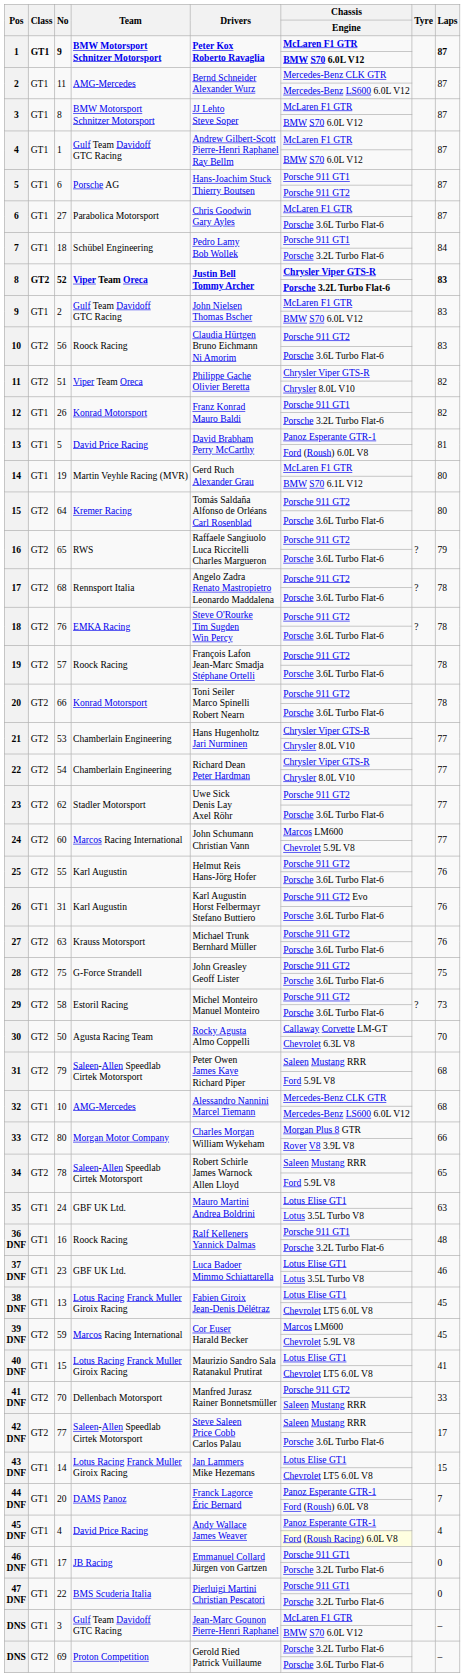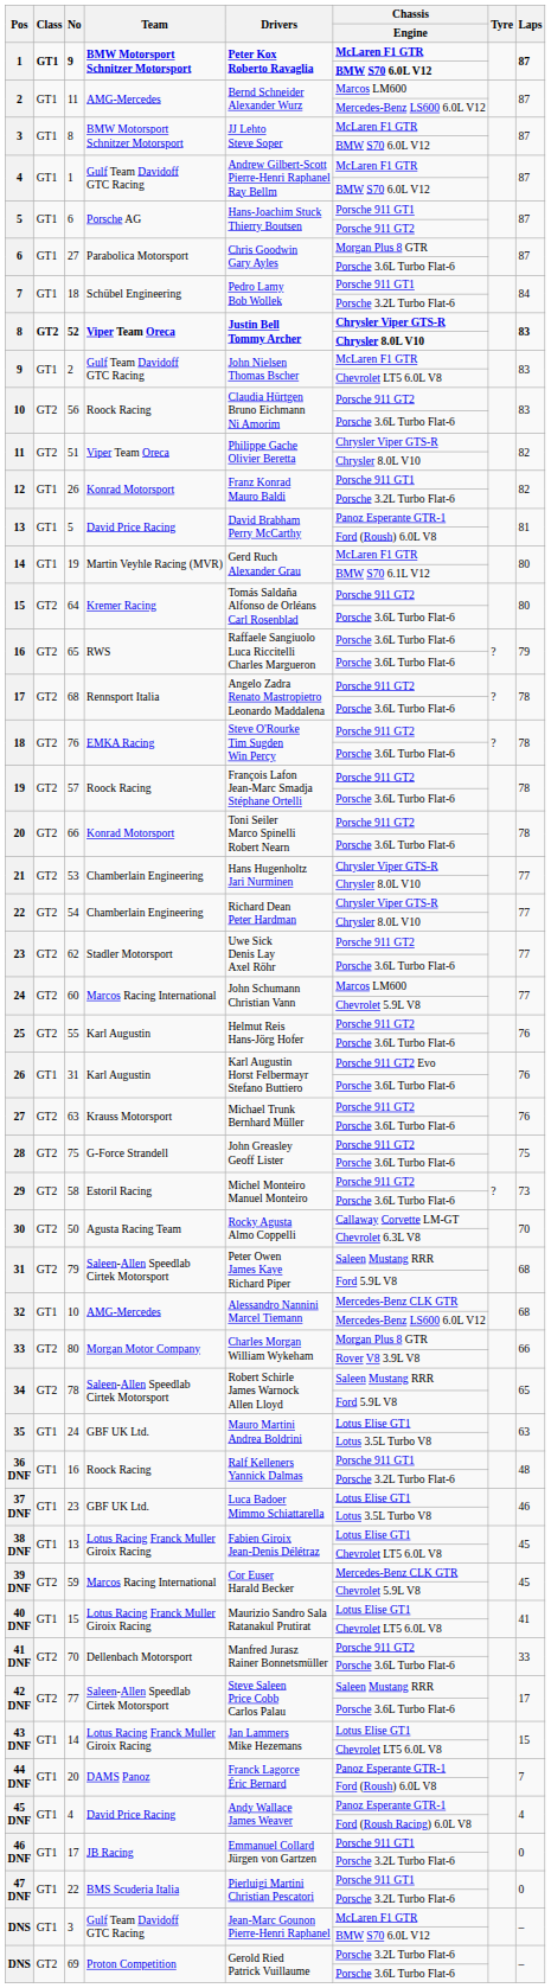 <table class="wikitable" style="font-size: 95%;">
 <tr>
 <th rowspan=2>Pos</th>
 <th rowspan=2>Class</th>
 <th rowspan=2>No</th>
 <th rowspan=2>Team</th>
 <th rowspan=2>Drivers</th>
 <th>Chassis</th>
 <th rowspan=2>Tyre</th>
 <th rowspan=2>Laps</th>
 </tr>
 <tr>
 <th>Engine</th>
 </tr>
 <tr style="font-weight:bold">
 <th rowspan=2>1</th>
 <td rowspan=2>GT1</td>
 <td rowspan=2>9</td>
 <td rowspan=2> <a href='#'>BMW Motorsport</a><br> <a href='#'>Schnitzer Motorsport</a></td>
 <td rowspan=2> <a href='#'>Peter Kox</a><br> <a href='#'>Roberto Ravaglia</a></td>
 <td><a href='#'>McLaren F1 GTR</a></td>
 <td rowspan=2></td>
 <td rowspan=2>87</td>
 </tr>
 <tr style="font-weight:bold">
 <td><a href='#'>BMW</a> <a href='#'>S70</a> 6.0L V12</td>
 </tr>
 <tr>
 <th rowspan=2>2</th>
 <td rowspan=2>GT1</td>
 <td rowspan=2>11</td>
 <td rowspan=2> <a href='#'>AMG-Mercedes</a></td>
 <td rowspan=2> <a href='#'>Bernd Schneider</a><br> <a href='#'>Alexander Wurz</a></td>
-<td><a href='#'>Mercedes-Benz CLK GTR</a></td>
+<td><a href='#'>Marcos</a> LM600</td>
 <td rowspan=2></td>
 <td rowspan=2>87</td>
 </tr>
 <tr>
 <td><a href='#'>Mercedes-Benz</a> <a href='#'>LS600</a> 6.0L V12</td>
 </tr>
 <tr>
 <th rowspan=2>3</th>
 <td rowspan=2>GT1</td>
 <td rowspan=2>8</td>
 <td rowspan=2> <a href='#'>BMW Motorsport</a><br> <a href='#'>Schnitzer Motorsport</a></td>
 <td rowspan=2> <a href='#'>JJ Lehto</a><br> <a href='#'>Steve Soper</a></td>
 <td><a href='#'>McLaren F1 GTR</a></td>
 <td rowspan=2></td>
 <td rowspan=2>87</td>
 </tr>
 <tr>
 <td><a href='#'>BMW</a> <a href='#'>S70</a> 6.0L V12</td>
 </tr>
 <tr>
 <th rowspan=2>4</th>
 <td rowspan=2>GT1</td>
 <td rowspan=2>1</td>
 <td rowspan=2> <a href='#'>Gulf</a> Team <a href='#'>Davidoff</a><br> GTC Racing</td>
 <td rowspan=2> <a href='#'>Andrew Gilbert-Scott</a><br> <a href='#'>Pierre-Henri Raphanel</a><br> <a href='#'>Ray Bellm</a></td>
 <td><a href='#'>McLaren F1 GTR</a></td>
 <td rowspan=2></td>
 <td rowspan=2>87</td>
 </tr>
 <tr>
 <td><a href='#'>BMW</a> <a href='#'>S70</a> 6.0L V12</td>
 </tr>
 <tr>
 <th rowspan=2>5</th>
 <td rowspan=2>GT1</td>
 <td rowspan=2>6</td>
 <td rowspan=2> <a href='#'>Porsche</a> AG</td>
 <td rowspan=2> <a href='#'>Hans-Joachim Stuck</a><br> <a href='#'>Thierry Boutsen</a></td>
 <td><a href='#'>Porsche 911 GT1</a></td>
 <td rowspan=2></td>
 <td rowspan=2>87</td>
 </tr>
 <tr>
 <td><a href='#'>Porsche 911 GT2</a></td>
 </tr>
 <tr>
 <th rowspan=2>6</th>
 <td rowspan=2>GT1</td>
 <td rowspan=2>27</td>
 <td rowspan=2> Parabolica Motorsport</td>
 <td rowspan=2> <a href='#'>Chris Goodwin</a><br> <a href='#'>Gary Ayles</a></td>
-<td><a href='#'>McLaren F1 GTR</a></td>
+<td><a href='#'>Morgan Plus 8</a> GTR</td>
 <td rowspan=2></td>
 <td rowspan=2>87</td>
 </tr>
 <tr>
 <td><a href='#'>Porsche</a> 3.6L Turbo Flat-6</td>
 </tr>
 <tr>
 <th rowspan=2>7</th>
 <td rowspan=2>GT1</td>
 <td rowspan=2>18</td>
 <td rowspan=2> Schübel Engineering</td>
 <td rowspan=2> <a href='#'>Pedro Lamy</a><br> <a href='#'>Bob Wollek</a></td>
 <td><a href='#'>Porsche 911 GT1</a></td>
 <td rowspan=2></td>
 <td rowspan=2>84</td>
 </tr>
 <tr>
 <td><a href='#'>Porsche</a> 3.2L Turbo Flat-6</td>
 </tr>
 <tr style="font-weight:bold">
 <th rowspan=2>8</th>
 <td rowspan=2>GT2</td>
 <td rowspan=2>52</td>
 <td rowspan=2> <a href='#'>Viper</a> Team <a href='#'>Oreca</a></td>
 <td rowspan=2> <a href='#'>Justin Bell</a><br> <a href='#'>Tommy Archer</a></td>
 <td><a href='#'>Chrysler Viper GTS-R</a></td>
 <td rowspan=2></td>
 <td rowspan=2>83</td>
 </tr>
 <tr style="font-weight:bold">
-<td><a href='#'>Porsche</a> 3.2L Turbo Flat-6</td>
+<td><a href='#'>Chrysler</a> 8.0L V10</td>
 </tr>
 <tr>
 <th rowspan=2>9</th>
 <td rowspan=2>GT1</td>
 <td rowspan=2>2</td>
 <td rowspan=2> <a href='#'>Gulf</a> Team <a href='#'>Davidoff</a><br> GTC Racing</td>
 <td rowspan=2> <a href='#'>John Nielsen</a><br> <a href='#'>Thomas Bscher</a></td>
 <td><a href='#'>McLaren F1 GTR</a></td>
 <td rowspan=2></td>
 <td rowspan=2>83</td>
 </tr>
 <tr>
-<td><a href='#'>BMW</a> <a href='#'>S70</a> 6.0L V12</td>
+<td><a href='#'>Chevrolet</a> LT5 6.0L V8</td>
 </tr>
 <tr>
 <th rowspan=2>10</th>
 <td rowspan=2>GT2</td>
 <td rowspan=2>56</td>
 <td rowspan=2> Roock Racing</td>
 <td rowspan=2> <a href='#'>Claudia Hürtgen</a><br> Bruno Eichmann<br> <a href='#'>Ni Amorim</a></td>
 <td><a href='#'>Porsche 911 GT2</a></td>
 <td rowspan=2></td>
 <td rowspan=2>83</td>
 </tr>
 <tr>
 <td><a href='#'>Porsche</a> 3.6L Turbo Flat-6</td>
 </tr>
 <tr>
 <th rowspan=2>11</th>
 <td rowspan=2>GT2</td>
 <td rowspan=2>51</td>
 <td rowspan=2> <a href='#'>Viper</a> Team <a href='#'>Oreca</a></td>
 <td rowspan=2> <a href='#'>Philippe Gache</a><br> <a href='#'>Olivier Beretta</a></td>
 <td><a href='#'>Chrysler Viper GTS-R</a></td>
 <td rowspan=2></td>
 <td rowspan=2>82</td>
 </tr>
 <tr>
 <td><a href='#'>Chrysler</a> 8.0L V10</td>
 </tr>
 <tr>
 <th rowspan=2>12</th>
 <td rowspan=2>GT1</td>
 <td rowspan=2>26</td>
 <td rowspan=2> <a href='#'>Konrad Motorsport</a></td>
 <td rowspan=2> <a href='#'>Franz Konrad</a><br> <a href='#'>Mauro Baldi</a></td>
 <td><a href='#'>Porsche 911 GT1</a></td>
 <td rowspan=2></td>
 <td rowspan=2>82</td>
 </tr>
 <tr>
 <td><a href='#'>Porsche</a> 3.2L Turbo Flat-6</td>
 </tr>
 <tr>
 <th rowspan=2>13</th>
 <td rowspan=2>GT1</td>
 <td rowspan=2>5</td>
 <td rowspan=2> <a href='#'>David Price Racing</a></td>
 <td rowspan=2> <a href='#'>David Brabham</a><br> <a href='#'>Perry McCarthy</a></td>
 <td><a href='#'>Panoz Esperante GTR-1</a></td>
 <td rowspan=2></td>
 <td rowspan=2>81</td>
 </tr>
 <tr>
 <td><a href='#'>Ford</a> (<a href='#'>Roush</a>) 6.0L V8</td>
 </tr>
 <tr>
 <th rowspan=2>14</th>
 <td rowspan=2>GT1</td>
 <td rowspan=2>19</td>
 <td rowspan=2> Martin Veyhle Racing (MVR)</td>
 <td rowspan=2> Gerd Ruch<br> <a href='#'>Alexander Grau</a></td>
 <td><a href='#'>McLaren F1 GTR</a></td>
 <td rowspan=2></td>
 <td rowspan=2>80</td>
 </tr>
 <tr>
 <td><a href='#'>BMW</a> <a href='#'>S70</a> 6.1L V12</td>
 </tr>
 <tr>
 <th rowspan=2>15</th>
 <td rowspan=2>GT2</td>
 <td rowspan=2>64</td>
 <td rowspan=2> <a href='#'>Kremer Racing</a></td>
 <td rowspan=2> Tomás Saldaña<br> Alfonso de Orléans<br> <a href='#'>Carl Rosenblad</a></td>
 <td><a href='#'>Porsche 911 GT2</a></td>
 <td rowspan=2></td>
 <td rowspan=2>80</td>
 </tr>
 <tr>
 <td><a href='#'>Porsche</a> 3.6L Turbo Flat-6</td>
 </tr>
 <tr>
 <th rowspan=2>16</th>
 <td rowspan=2>GT2</td>
 <td rowspan=2>65</td>
 <td rowspan=2> RWS</td>
 <td rowspan=2> Raffaele Sangiuolo<br> Luca Riccitelli<br> Charles Margueron</td>
-<td><a href='#'>Porsche 911 GT2</a></td>
+<td><a href='#'>Porsche</a> 3.6L Turbo Flat-6</td>
 <td rowspan=2>?</td>
 <td rowspan=2>79</td>
 </tr>
 <tr>
 <td><a href='#'>Porsche</a> 3.6L Turbo Flat-6</td>
 </tr>
 <tr>
 <th rowspan=2>17</th>
 <td rowspan=2>GT2</td>
 <td rowspan=2>68</td>
 <td rowspan=2> Rennsport Italia</td>
 <td rowspan=2> Angelo Zadra<br> <a href='#'>Renato Mastropietro</a><br> Leonardo Maddalena</td>
 <td><a href='#'>Porsche 911 GT2</a></td>
 <td rowspan=2>?</td>
 <td rowspan=2>78</td>
 </tr>
 <tr>
 <td><a href='#'>Porsche</a> 3.6L Turbo Flat-6</td>
 </tr>
 <tr>
 <th rowspan=2>18</th>
 <td rowspan=2>GT2</td>
 <td rowspan=2>76</td>
 <td rowspan=2> <a href='#'>EMKA Racing</a></td>
 <td rowspan=2> <a href='#'>Steve O'Rourke</a><br> <a href='#'>Tim Sugden</a><br> <a href='#'>Win Percy</a></td>
 <td><a href='#'>Porsche 911 GT2</a></td>
 <td rowspan=2>?</td>
 <td rowspan=2>78</td>
 </tr>
 <tr>
 <td><a href='#'>Porsche</a> 3.6L Turbo Flat-6</td>
 </tr>
 <tr>
 <th rowspan=2>19</th>
 <td rowspan=2>GT2</td>
 <td rowspan=2>57</td>
 <td rowspan=2> Roock Racing</td>
 <td rowspan=2> François Lafon<br> Jean-Marc Smadja<br> <a href='#'>Stéphane Ortelli</a></td>
 <td><a href='#'>Porsche 911 GT2</a></td>
 <td rowspan=2></td>
 <td rowspan=2>78</td>
 </tr>
 <tr>
 <td><a href='#'>Porsche</a> 3.6L Turbo Flat-6</td>
 </tr>
 <tr>
 <th rowspan=2>20</th>
 <td rowspan=2>GT2</td>
 <td rowspan=2>66</td>
 <td rowspan=2> <a href='#'>Konrad Motorsport</a></td>
 <td rowspan=2> Toni Seiler<br> Marco Spinelli<br> Robert Nearn</td>
 <td><a href='#'>Porsche 911 GT2</a></td>
 <td rowspan=2></td>
 <td rowspan=2>78</td>
 </tr>
 <tr>
 <td><a href='#'>Porsche</a> 3.6L Turbo Flat-6</td>
 </tr>
 <tr>
 <th rowspan=2>21</th>
 <td rowspan=2>GT2</td>
 <td rowspan=2>53</td>
 <td rowspan=2> Chamberlain Engineering</td>
 <td rowspan=2> Hans Hugenholtz<br> <a href='#'>Jari Nurminen</a></td>
 <td><a href='#'>Chrysler Viper GTS-R</a></td>
 <td rowspan=2></td>
 <td rowspan=2>77</td>
 </tr>
 <tr>
 <td><a href='#'>Chrysler</a> 8.0L V10</td>
 </tr>
 <tr>
 <th rowspan=2>22</th>
 <td rowspan=2>GT2</td>
 <td rowspan=2>54</td>
 <td rowspan=2> Chamberlain Engineering</td>
 <td rowspan=2> Richard Dean<br> <a href='#'>Peter Hardman</a></td>
 <td><a href='#'>Chrysler Viper GTS-R</a></td>
 <td rowspan=2></td>
 <td rowspan=2>77</td>
 </tr>
 <tr>
 <td><a href='#'>Chrysler</a> 8.0L V10</td>
 </tr>
 <tr>
 <th rowspan=2>23</th>
 <td rowspan=2>GT2</td>
 <td rowspan=2>62</td>
 <td rowspan=2> Stadler Motorsport</td>
 <td rowspan=2> Uwe Sick<br> Denis Lay<br> Axel Röhr</td>
 <td><a href='#'>Porsche 911 GT2</a></td>
 <td rowspan=2></td>
 <td rowspan=2>77</td>
 </tr>
 <tr>
 <td><a href='#'>Porsche</a> 3.6L Turbo Flat-6</td>
 </tr>
 <tr>
 <th rowspan=2>24</th>
 <td rowspan=2>GT2</td>
 <td rowspan=2>60</td>
 <td rowspan=2> <a href='#'>Marcos</a> Racing International</td>
 <td rowspan=2> John Schumann<br> Christian Vann</td>
 <td><a href='#'>Marcos</a> LM600</td>
 <td rowspan=2></td>
 <td rowspan=2>77</td>
 </tr>
 <tr>
 <td><a href='#'>Chevrolet</a> 5.9L V8</td>
 </tr>
 <tr>
 <th rowspan=2>25</th>
 <td rowspan=2>GT2</td>
 <td rowspan=2>55</td>
 <td rowspan=2> Karl Augustin</td>
 <td rowspan=2> Helmut Reis<br> Hans-Jörg Hofer</td>
 <td><a href='#'>Porsche 911 GT2</a></td>
 <td rowspan=2></td>
 <td rowspan=2>76</td>
 </tr>
 <tr>
 <td><a href='#'>Porsche</a> 3.6L Turbo Flat-6</td>
 </tr>
 <tr>
 <th rowspan=2>26</th>
 <td rowspan=2>GT1</td>
 <td rowspan=2>31</td>
 <td rowspan=2> Karl Augustin</td>
 <td rowspan=2> Karl Augustin<br> Horst Felbermayr<br> Stefano Buttiero</td>
 <td><a href='#'>Porsche 911 GT2</a> Evo</td>
 <td rowspan=2></td>
 <td rowspan=2>76</td>
 </tr>
 <tr>
 <td><a href='#'>Porsche</a> 3.6L Turbo Flat-6</td>
 </tr>
 <tr>
 <th rowspan=2>27</th>
 <td rowspan=2>GT2</td>
 <td rowspan=2>63</td>
 <td rowspan=2> Krauss Motorsport</td>
 <td rowspan=2> Michael Trunk<br> Bernhard Müller</td>
 <td><a href='#'>Porsche 911 GT2</a></td>
 <td rowspan=2></td>
 <td rowspan=2>76</td>
 </tr>
 <tr>
 <td><a href='#'>Porsche</a> 3.6L Turbo Flat-6</td>
 </tr>
 <tr>
 <th rowspan=2>28</th>
 <td rowspan=2>GT2</td>
 <td rowspan=2>75</td>
 <td rowspan=2> G-Force Strandell</td>
 <td rowspan=2> John Greasley<br> Geoff Lister</td>
 <td><a href='#'>Porsche 911 GT2</a></td>
 <td rowspan=2></td>
 <td rowspan=2>75</td>
 </tr>
 <tr>
 <td><a href='#'>Porsche</a> 3.6L Turbo Flat-6</td>
 </tr>
 <tr>
 <th rowspan=2>29</th>
 <td rowspan=2>GT2</td>
 <td rowspan=2>58</td>
 <td rowspan=2> Estoril Racing</td>
 <td rowspan=2> Michel Monteiro<br> Manuel Monteiro</td>
 <td><a href='#'>Porsche 911 GT2</a></td>
 <td rowspan=2>?</td>
 <td rowspan=2>73</td>
 </tr>
 <tr>
 <td><a href='#'>Porsche</a> 3.6L Turbo Flat-6</td>
 </tr>
 <tr>
 <th rowspan=2>30</th>
 <td rowspan=2>GT2</td>
 <td rowspan=2>50</td>
 <td rowspan=2> Agusta Racing Team</td>
 <td rowspan=2> <a href='#'>Rocky Agusta</a><br> Almo Coppelli</td>
 <td><a href='#'>Callaway</a> <a href='#'>Corvette</a> LM-GT</td>
 <td rowspan=2></td>
 <td rowspan=2>70</td>
 </tr>
 <tr>
 <td><a href='#'>Chevrolet</a> 6.3L V8</td>
 </tr>
 <tr>
 <th rowspan=2>31</th>
 <td rowspan=2>GT2</td>
 <td rowspan=2>79</td>
 <td rowspan=2> <a href='#'>Saleen</a>-<a href='#'>Allen</a> Speedlab<br> Cirtek Motorsport</td>
 <td rowspan=2> Peter Owen<br> <a href='#'>James Kaye</a><br> Richard Piper</td>
 <td><a href='#'>Saleen</a> <a href='#'>Mustang</a> RRR</td>
 <td rowspan=2></td>
 <td rowspan=2>68</td>
 </tr>
 <tr>
 <td><a href='#'>Ford</a> 5.9L V8</td>
 </tr>
 <tr>
 <th rowspan=2>32</th>
 <td rowspan=2>GT1</td>
 <td rowspan=2>10</td>
 <td rowspan=2> <a href='#'>AMG-Mercedes</a></td>
 <td rowspan=2> <a href='#'>Alessandro Nannini</a><br> <a href='#'>Marcel Tiemann</a></td>
 <td><a href='#'>Mercedes-Benz CLK GTR</a></td>
 <td rowspan=2></td>
 <td rowspan=2>68</td>
 </tr>
 <tr>
 <td><a href='#'>Mercedes-Benz</a> <a href='#'>LS600</a> 6.0L V12</td>
 </tr>
 <tr>
 <th rowspan=2>33</th>
 <td rowspan=2>GT2</td>
 <td rowspan=2>80</td>
 <td rowspan=2> <a href='#'>Morgan Motor Company</a></td>
 <td rowspan=2> <a href='#'>Charles Morgan</a><br> William Wykeham</td>
 <td><a href='#'>Morgan Plus 8</a> GTR</td>
 <td rowspan=2></td>
 <td rowspan=2>66</td>
 </tr>
 <tr>
 <td><a href='#'>Rover</a> <a href='#'>V8</a> 3.9L V8</td>
 </tr>
 <tr>
 <th rowspan=2>34</th>
 <td rowspan=2>GT2</td>
 <td rowspan=2>78</td>
 <td rowspan=2> <a href='#'>Saleen</a>-<a href='#'>Allen</a> Speedlab<br> Cirtek Motorsport</td>
 <td rowspan=2> Robert Schirle<br> James Warnock<br> Allen Lloyd</td>
 <td><a href='#'>Saleen</a> <a href='#'>Mustang</a> RRR</td>
 <td rowspan=2></td>
 <td rowspan=2>65</td>
 </tr>
 <tr>
 <td><a href='#'>Ford</a> 5.9L V8</td>
 </tr>
 <tr>
 <th rowspan=2>35</th>
 <td rowspan=2>GT1</td>
 <td rowspan=2>24</td>
 <td rowspan=2> GBF UK Ltd.</td>
 <td rowspan=2> <a href='#'>Mauro Martini</a><br> <a href='#'>Andrea Boldrini</a></td>
 <td><a href='#'>Lotus Elise GT1</a></td>
 <td rowspan=2></td>
 <td rowspan=2>63</td>
 </tr>
 <tr>
 <td><a href='#'>Lotus</a> 3.5L Turbo V8</td>
 </tr>
 <tr>
 <th rowspan=2>36<br>DNF</th>
 <td rowspan=2>GT1</td>
 <td rowspan=2>16</td>
 <td rowspan=2> Roock Racing</td>
 <td rowspan=2> <a href='#'>Ralf Kelleners</a><br> <a href='#'>Yannick Dalmas</a></td>
 <td><a href='#'>Porsche 911 GT1</a></td>
 <td rowspan=2></td>
 <td rowspan=2>48</td>
 </tr>
 <tr>
 <td><a href='#'>Porsche</a> 3.2L Turbo Flat-6</td>
 </tr>
 <tr>
 <th rowspan=2>37<br>DNF</th>
 <td rowspan=2>GT1</td>
 <td rowspan=2>23</td>
 <td rowspan=2> GBF UK Ltd.</td>
 <td rowspan=2> <a href='#'>Luca Badoer</a><br> <a href='#'>Mimmo Schiattarella</a></td>
 <td><a href='#'>Lotus Elise GT1</a></td>
 <td rowspan=2></td>
 <td rowspan=2>46</td>
 </tr>
 <tr>
 <td><a href='#'>Lotus</a> 3.5L Turbo V8</td>
 </tr>
 <tr>
 <th rowspan=2>38<br>DNF</th>
 <td rowspan=2>GT1</td>
 <td rowspan=2>13</td>
 <td rowspan=2> <a href='#'>Lotus Racing</a> <a href='#'>Franck Muller</a><br> Giroix Racing</td>
 <td rowspan=2> <a href='#'>Fabien Giroix</a><br> <a href='#'>Jean-Denis Délétraz</a></td>
 <td><a href='#'>Lotus Elise GT1</a></td>
 <td rowspan=2></td>
 <td rowspan=2>45</td>
 </tr>
 <tr>
 <td><a href='#'>Chevrolet</a> LT5 6.0L V8</td>
 </tr>
 <tr>
 <th rowspan=2>39<br>DNF</th>
 <td rowspan=2>GT2</td>
 <td rowspan=2>59</td>
 <td rowspan=2> <a href='#'>Marcos</a> Racing International</td>
 <td rowspan=2> <a href='#'>Cor Euser</a><br> Harald Becker</td>
-<td><a href='#'>Marcos</a> LM600</td>
+<td><a href='#'>Mercedes-Benz CLK GTR</a></td>
 <td rowspan=2></td>
 <td rowspan=2>45</td>
 </tr>
 <tr>
 <td><a href='#'>Chevrolet</a> 5.9L V8</td>
 </tr>
 <tr>
 <th rowspan=2>40<br>DNF</th>
 <td rowspan=2>GT1</td>
 <td rowspan=2>15</td>
 <td rowspan=2> <a href='#'>Lotus Racing</a> <a href='#'>Franck Muller</a><br> Giroix Racing</td>
 <td rowspan=2> Maurizio Sandro Sala<br> Ratanakul Prutirat</td>
 <td><a href='#'>Lotus Elise GT1</a></td>
 <td rowspan=2></td>
 <td rowspan=2>41</td>
 </tr>
 <tr>
 <td><a href='#'>Chevrolet</a> LT5 6.0L V8</td>
 </tr>
 <tr>
 <th rowspan=2>41<br>DNF</th>
 <td rowspan=2>GT2</td>
 <td rowspan=2>70</td>
 <td rowspan=2> Dellenbach Motorsport</td>
 <td rowspan=2> Manfred Jurasz<br> Rainer Bonnetsmüller</td>
 <td><a href='#'>Porsche 911 GT2</a></td>
 <td rowspan=2></td>
 <td rowspan=2>33</td>
 </tr>
 <tr>
-<td><a href='#'>Saleen</a> <a href='#'>Mustang</a> RRR</td>
+<td><a href='#'>Porsche</a> 3.6L Turbo Flat-6</td>
 </tr>
 <tr>
 <th rowspan=2>42<br>DNF</th>
 <td rowspan=2>GT2</td>
 <td rowspan=2>77</td>
 <td rowspan=2> <a href='#'>Saleen</a>-<a href='#'>Allen</a> Speedlab<br> Cirtek Motorsport</td>
 <td rowspan=2> <a href='#'>Steve Saleen</a><br> <a href='#'>Price Cobb</a><br> Carlos Palau</td>
 <td><a href='#'>Saleen</a> <a href='#'>Mustang</a> RRR</td>
 <td rowspan=2></td>
 <td rowspan=2>17</td>
 </tr>
 <tr>
 <td><a href='#'>Porsche</a> 3.6L Turbo Flat-6</td>
 </tr>
 <tr>
 <th rowspan=2>43<br>DNF</th>
 <td rowspan=2>GT1</td>
 <td rowspan=2>14</td>
 <td rowspan=2> <a href='#'>Lotus Racing</a> <a href='#'>Franck Muller</a><br> Giroix Racing</td>
 <td rowspan=2> <a href='#'>Jan Lammers</a><br> Mike Hezemans</td>
 <td><a href='#'>Lotus Elise GT1</a></td>
 <td rowspan=2></td>
 <td rowspan=2>15</td>
 </tr>
 <tr>
 <td><a href='#'>Chevrolet</a> LT5 6.0L V8</td>
 </tr>
 <tr>
 <th rowspan=2>44<br>DNF</th>
 <td rowspan=2>GT1</td>
 <td rowspan=2>20</td>
 <td rowspan=2> <a href='#'>DAMS</a> <a href='#'>Panoz</a></td>
 <td rowspan=2> <a href='#'>Franck Lagorce</a><br> <a href='#'>Éric Bernard</a></td>
 <td><a href='#'>Panoz Esperante GTR-1</a></td>
 <td rowspan=2></td>
 <td rowspan=2>7</td>
 </tr>
 <tr>
 <td><a href='#'>Ford</a> (<a href='#'>Roush</a>) 6.0L V8</td>
 </tr>
 <tr>
 <th rowspan=2>45<br>DNF</th>
 <td rowspan=2>GT1</td>
 <td rowspan=2>4</td>
 <td rowspan=2> <a href='#'>David Price Racing</a></td>
 <td rowspan=2> <a href='#'>Andy Wallace</a><br> <a href='#'>James Weaver</a></td>
 <td><a href='#'>Panoz Esperante GTR-1</a></td>
 <td rowspan=2></td>
 <td rowspan=2>4</td>
 </tr>
 <tr>
-<td style="background: lightyellow;"><a href='#'>Ford</a> (<a href='#'>Roush Racing</a>) 6.0L V8</td>
+<td><a href='#'>Ford</a> (<a href='#'>Roush Racing</a>) 6.0L V8</td>
 </tr>
 <tr>
 <th rowspan=2>46<br>DNF</th>
 <td rowspan=2>GT1</td>
 <td rowspan=2>17</td>
 <td rowspan=2> <a href='#'>JB Racing</a></td>
 <td rowspan=2> <a href='#'>Emmanuel Collard</a><br> Jürgen von Gartzen</td>
 <td><a href='#'>Porsche 911 GT1</a></td>
 <td rowspan=2></td>
 <td rowspan=2>0</td>
 </tr>
 <tr>
 <td><a href='#'>Porsche</a> 3.2L Turbo Flat-6</td>
 </tr>
 <tr>
 <th rowspan=2>47<br>DNF</th>
 <td rowspan=2>GT1</td>
 <td rowspan=2>22</td>
 <td rowspan=2> <a href='#'>BMS Scuderia Italia</a></td>
 <td rowspan=2> <a href='#'>Pierluigi Martini</a><br> <a href='#'>Christian Pescatori</a></td>
 <td><a href='#'>Porsche 911 GT1</a></td>
 <td rowspan=2></td>
 <td rowspan=2>0</td>
 </tr>
 <tr>
 <td><a href='#'>Porsche</a> 3.2L Turbo Flat-6</td>
 </tr>
 <tr>
 <th rowspan=2>DNS</th>
 <td rowspan=2>GT1</td>
 <td rowspan=2>3</td>
 <td rowspan=2> <a href='#'>Gulf</a> Team <a href='#'>Davidoff</a><br> GTC Racing</td>
 <td rowspan=2> <a href='#'>Jean-Marc Gounon</a><br> <a href='#'>Pierre-Henri Raphanel</a></td>
 <td><a href='#'>McLaren F1 GTR</a></td>
 <td rowspan=2></td>
 <td rowspan=2>–</td>
 </tr>
 <tr>
 <td><a href='#'>BMW</a> <a href='#'>S70</a> 6.0L V12</td>
 </tr>
 <tr>
 <th rowspan=2>DNS</th>
 <td rowspan=2>GT2</td>
 <td rowspan=2>69</td>
 <td rowspan=2> <a href='#'>Proton Competition</a></td>
 <td rowspan=2> Gerold Ried<br> Patrick Vuillaume</td>
 <td><a href='#'>Porsche</a> 3.2L Turbo Flat-6</td>
 <td rowspan=2></td>
 <td rowspan=2>–</td>
 </tr>
 <tr>
 <td><a href='#'>Porsche</a> 3.6L Turbo Flat-6</td>
 </tr>
 </table>
